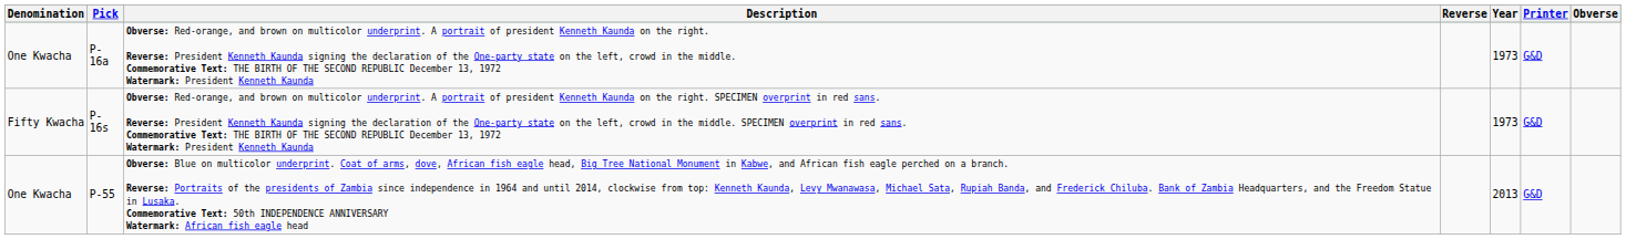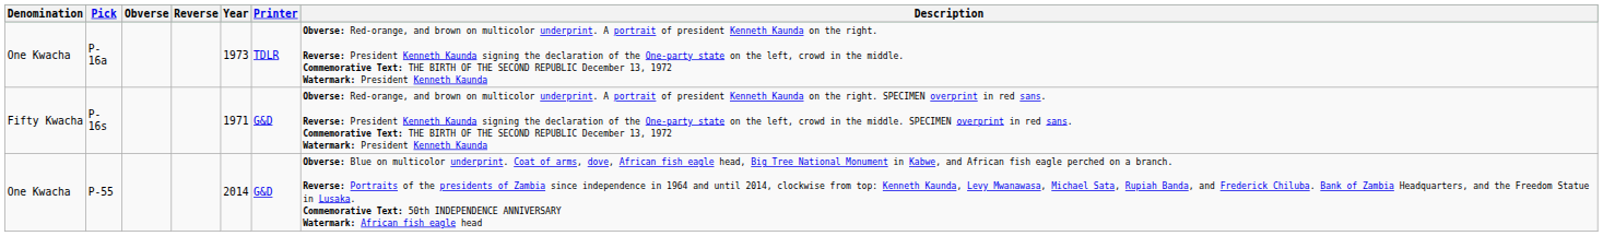 <table class="wikitable">
 <tr style="background:#2E8B57;">
 <th>Denomination</th>
 <th><a href='#'>Pick</a></th>
-<th>Description</th>
+<th>Obverse</th>
 <th>Reverse</th>
 <th>Year</th>
 <th><a href='#'>Printer</a></th>
-<th>Obverse</th>
+<th>Description</th>
 </tr>
 <tr>
 <td>One Kwacha</td>
 <td>P-16a</td>
-<td><small><strong>Obverse:</strong> Red-orange, and brown on multicolor <a href='#'>underprint</a>. A <a href='#'>portrait</a> of president <a href='#'>Kenneth Kaunda</a> on the right.</small><br><br><small><strong>Reverse:</strong> President <a href='#'>Kenneth Kaunda</a> signing the declaration of the <a href='#'>One-party state</a> on the left, crowd in the middle.</small><br> <small><strong>Commemorative Text:</strong> THE BIRTH OF THE SECOND REPUBLIC December 13, 1972</small><br> <small><strong>Watermark:</strong> President <a href='#'>Kenneth Kaunda</a></small></td>
+<td></td>
 <td></td>
 <td>1973</td>
-<td><a href='#'>G&D</a></td>
-<td></td>
+<td><a href='#'>TDLR</a></td>
+<td><small><strong>Obverse:</strong> Red-orange, and brown on multicolor <a href='#'>underprint</a>. A <a href='#'>portrait</a> of president <a href='#'>Kenneth Kaunda</a> on the right.</small><br><br><small><strong>Reverse:</strong> President <a href='#'>Kenneth Kaunda</a> signing the declaration of the <a href='#'>One-party state</a> on the left, crowd in the middle.</small><br> <small><strong>Commemorative Text:</strong> THE BIRTH OF THE SECOND REPUBLIC December 13, 1972</small><br> <small><strong>Watermark:</strong> President <a href='#'>Kenneth Kaunda</a></small></td>
 </tr>
 <tr>
 <td>Fifty Kwacha</td>
 <td>P-16s</td>
+<td></td>
+<td></td>
+<td>1971</td>
+<td><a href='#'>G&D</a></td>
 <td><small><strong>Obverse:</strong> Red-orange, and brown on multicolor <a href='#'>underprint</a>. A <a href='#'>portrait</a> of president <a href='#'>Kenneth Kaunda</a> on the right. SPECIMEN <a href='#'>overprint</a> in red <a href='#'>sans</a>.</small><br><br><small><strong>Reverse:</strong> President <a href='#'>Kenneth Kaunda</a> signing the declaration of the <a href='#'>One-party state</a> on the left, crowd in the middle. SPECIMEN <a href='#'>overprint</a> in red <a href='#'>sans</a>.</small><br> <small><strong>Commemorative Text:</strong> THE BIRTH OF THE SECOND REPUBLIC December 13, 1972</small><br> <small><strong>Watermark:</strong> President <a href='#'>Kenneth Kaunda</a></small></td>
-<td></td>
-<td>1973</td>
-<td><a href='#'>G&D</a></td>
-<td></td>
 </tr>
 <tr>
 <td>One Kwacha</td>
 <td>P-55</td>
+<td></td>
+<td></td>
+<td>2014</td>
+<td><a href='#'>G&D</a></td>
 <td><small><strong>Obverse:</strong> Blue on multicolor <a href='#'>underprint</a>. <a href='#'>Coat of arms</a>, <a href='#'>dove</a>, <a href='#'>African fish eagle</a> head, <a href='#'>Big Tree National Monument</a> in <a href='#'>Kabwe</a>, and African fish eagle perched on a branch.</small><br><br><small><strong>Reverse:</strong> <a href='#'>Portraits</a> of the <a href='#'>presidents of Zambia</a> since independence in 1964 and until 2014, clockwise from top: <a href='#'>Kenneth Kaunda</a>, <a href='#'>Levy Mwanawasa</a>, <a href='#'>Michael Sata</a>, <a href='#'>Rupiah Banda</a>, and <a href='#'>Frederick Chiluba</a>. <a href='#'>Bank of Zambia</a> Headquarters, and the Freedom Statue in <a href='#'>Lusaka</a>.</small><br> <small><strong>Commemorative Text:</strong> 50th INDEPENDENCE ANNIVERSARY</small><br> <small><strong>Watermark:</strong> <a href='#'>African fish eagle</a> head</small></td>
-<td></td>
-<td>2013</td>
-<td><a href='#'>G&D</a></td>
-<td></td>
 </tr>
 </table>
